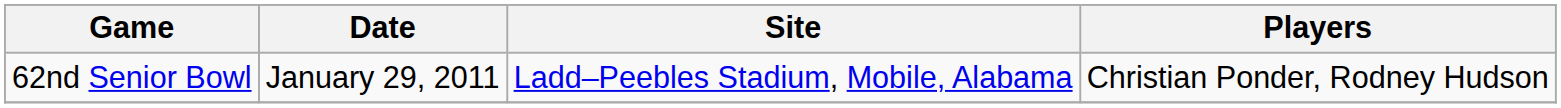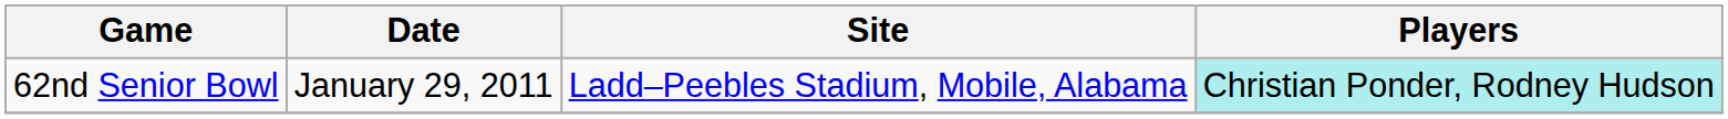 <table class="wikitable">
 <tr>
 <th>Game</th>
 <th>Date</th>
 <th>Site</th>
 <th>Players</th>
 </tr>
 <tr>
 <td>62nd <a href='#'>Senior Bowl</a></td>
 <td>January 29, 2011</td>
 <td><a href='#'>Ladd–Peebles Stadium</a>, <a href='#'>Mobile, Alabama</a></td>
-<td>Christian Ponder, Rodney Hudson</td>
+<td style="background: paleturquoise;">Christian Ponder, Rodney Hudson</td>
 </tr>
 <tr style="background: #e3e3e3;">
 </tr>
 <tr>
 </tr>
 </table>
